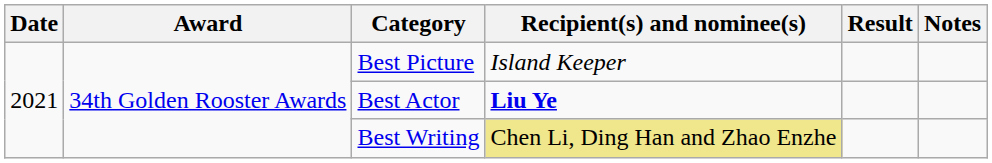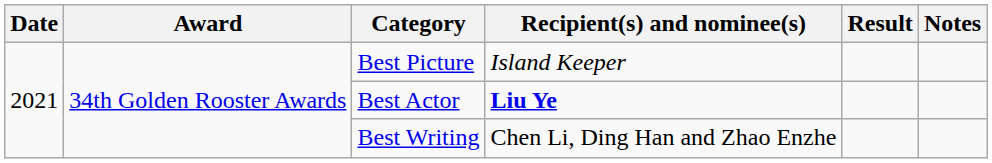 <table class="wikitable">
 <tr>
 <th>Date</th>
 <th>Award</th>
 <th>Category</th>
 <th>Recipient(s) and nominee(s)</th>
 <th>Result</th>
 <th>Notes</th>
 </tr>
 <tr>
 <td rowspan="3">2021</td>
 <td rowspan="3"><a href='#'>34th Golden Rooster Awards</a></td>
 <td><a href='#'>Best Picture</a></td>
 <td><em>Island Keeper</em></td>
 <td></td>
 <td></td>
 </tr>
 <tr>
 <td><a href='#'>Best Actor</a></td>
 <td><strong><a href='#'>Liu Ye</a></strong></td>
 <td></td>
 <td></td>
 </tr>
 <tr>
 <td><a href='#'>Best Writing</a></td>
-<td style="background: khaki;">Chen Li, Ding Han and Zhao Enzhe</td>
+<td>Chen Li, Ding Han and Zhao Enzhe</td>
 <td></td>
 <td></td>
 </tr>
 </table>
